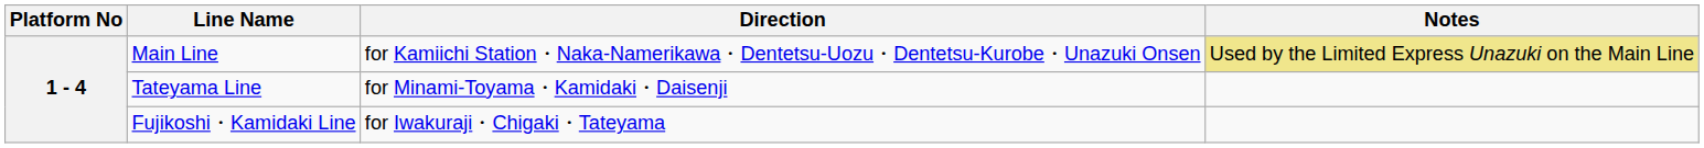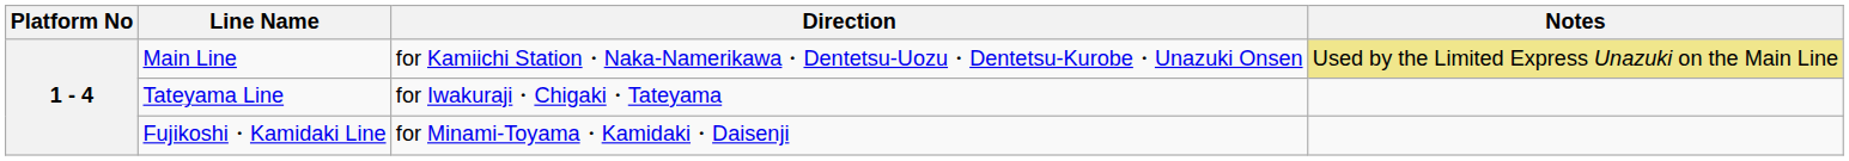 <table class="wikitable">
 <tr>
 <th nowrap="nowrap">Platform No </th>
 <th>Line Name</th>
 <th>Direction</th>
 <th>Notes</th>
 </tr>
 <tr>
 <th rowspan="3">1 - 4</th>
 <td><a href='#'>Main Line</a></td>
 <td>for <a href='#'>Kamiichi Station</a>・<a href='#'>Naka-Namerikawa</a>・<a href='#'>Dentetsu-Uozu</a>・<a href='#'>Dentetsu-Kurobe</a>・<a href='#'>Unazuki Onsen</a></td>
 <td style="background: khaki;">Used by the Limited Express <em>Unazuki</em> on the Main Line</td>
 </tr>
 <tr>
 <td><a href='#'>Tateyama Line</a></td>
-<td>for <a href='#'>Minami-Toyama</a>・<a href='#'>Kamidaki</a>・<a href='#'>Daisenji</a></td>
+<td>for <a href='#'>Iwakuraji</a>・<a href='#'>Chigaki</a>・<a href='#'>Tateyama</a></td>
 <td></td>
 </tr>
 <tr>
 <td><a href='#'>Fujikoshi</a>・<a href='#'>Kamidaki Line</a></td>
-<td>for <a href='#'>Iwakuraji</a>・<a href='#'>Chigaki</a>・<a href='#'>Tateyama</a></td>
+<td>for <a href='#'>Minami-Toyama</a>・<a href='#'>Kamidaki</a>・<a href='#'>Daisenji</a></td>
 <td></td>
 </tr>
 </table>
